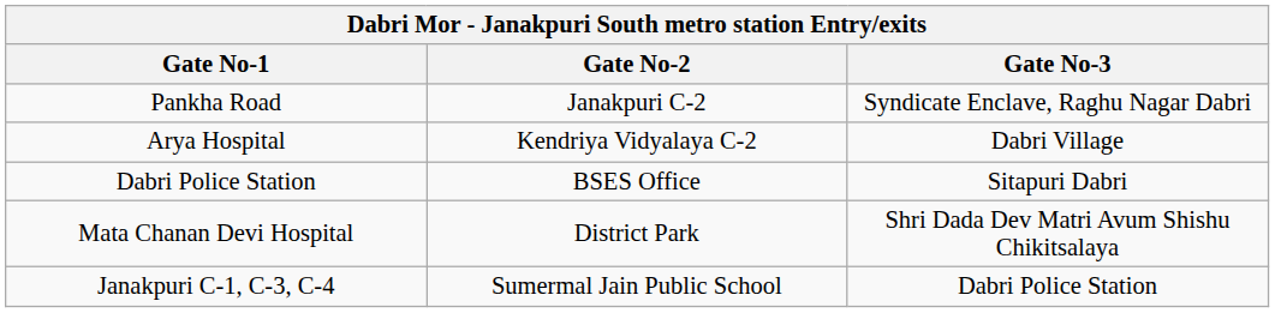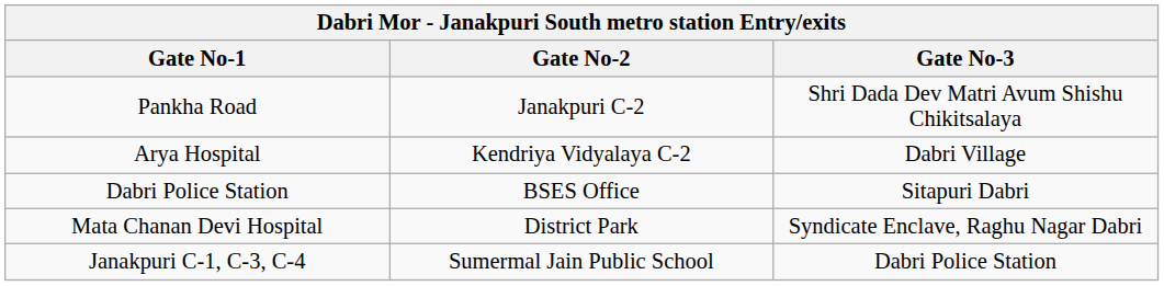 <table class="wikitable" style="text-align: center;" width="65%">
 <tr>
 <th align="center" colspan="5" style="background:#"><span>Dabri Mor - Janakpuri South metro station Entry/exits</span></th>
 </tr>
 <tr>
 <th style="width:15%;">Gate No-1 </th>
 <th style="width:15%;">Gate No-2</th>
 <th style="width:15%;">Gate No-3 </th>
 </tr>
 <tr>
 <td>Pankha Road</td>
 <td>Janakpuri C-2</td>
-<td>Syndicate Enclave, Raghu Nagar Dabri</td>
+<td>Shri Dada Dev Matri Avum Shishu Chikitsalaya</td>
 </tr>
 <tr>
 <td>Arya Hospital</td>
 <td>Kendriya Vidyalaya C-2</td>
 <td>Dabri Village</td>
 </tr>
 <tr>
 <td>Dabri Police Station</td>
 <td>BSES Office</td>
 <td>Sitapuri Dabri</td>
 </tr>
 <tr>
 <td>Mata Chanan Devi Hospital</td>
 <td>District Park</td>
-<td>Shri Dada Dev Matri Avum Shishu Chikitsalaya</td>
+<td>Syndicate Enclave, Raghu Nagar Dabri</td>
 </tr>
 <tr>
 <td>Janakpuri C-1, C-3, C-4</td>
 <td>Sumermal Jain Public School</td>
 <td>Dabri Police Station</td>
 </tr>
 </table>
